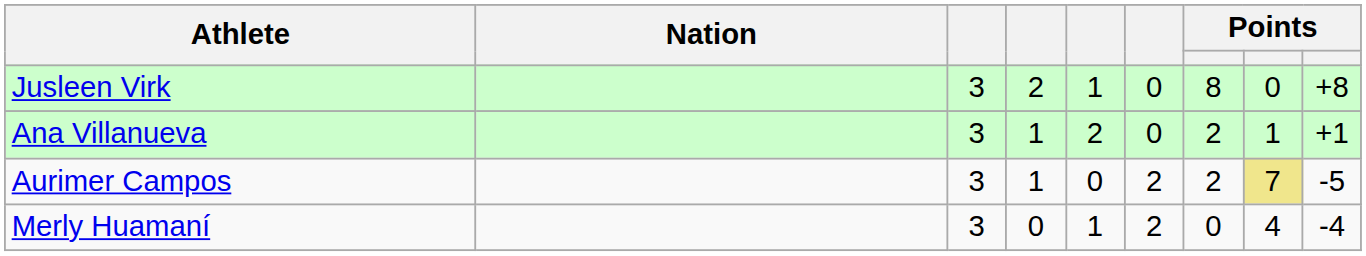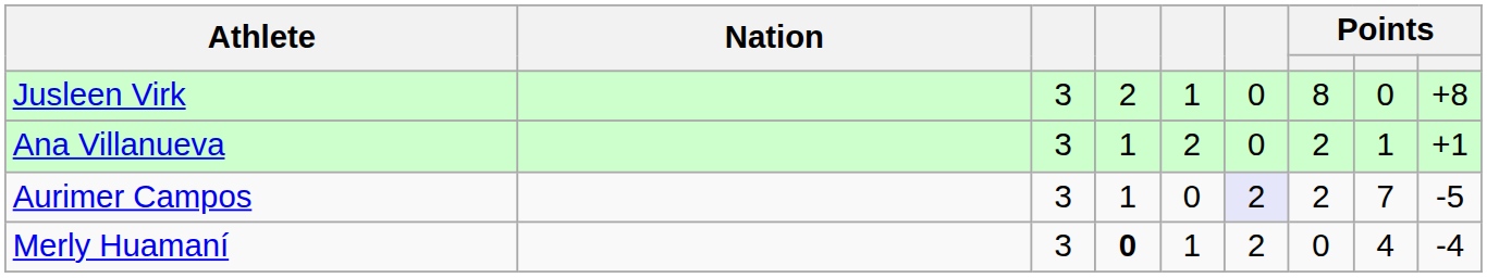 <table class="wikitable" style="text-align: center; font-size:100% ">
 <tr>
 <th rowspan=2 width=250>Athlete</th>
 <th rowspan=2 width=250>Nation</th>
 <th rowspan=2 width=25></th>
 <th rowspan=2 width=25></th>
 <th rowspan=2 width=25></th>
 <th rowspan=2 width=25></th>
 <th colspan=3>Points</th>
 </tr>
 <tr>
 <th width=25></th>
 <th width=25></th>
 <th width=25></th>
 </tr>
 <tr bgcolor="ccffcc">
 <td align=left><a href='#'>Jusleen Virk</a></td>
 <td align=left></td>
 <td>3</td>
 <td>2</td>
 <td>1</td>
 <td>0</td>
 <td>8</td>
 <td>0</td>
 <td>+8</td>
 </tr>
 <tr bgcolor="ccffcc">
 <td align=left><a href='#'>Ana Villanueva</a></td>
 <td align=left></td>
 <td>3</td>
 <td>1</td>
 <td>2</td>
 <td>0</td>
 <td>2</td>
 <td>1</td>
 <td>+1</td>
 </tr>
 <tr>
 <td align=left><a href='#'>Aurimer Campos</a></td>
 <td align=left></td>
 <td>3</td>
 <td>1</td>
 <td>0</td>
+<td style="background: lavender;">2</td>
 <td>2</td>
-<td>2</td>
-<td style="background: khaki;">7</td>
+<td>7</td>
 <td>-5</td>
 </tr>
 <tr>
 <td align=left><a href='#'>Merly Huamaní</a></td>
 <td align=left></td>
 <td>3</td>
-<td>0</td>
+<td><strong>0</strong></td>
 <td>1</td>
 <td>2</td>
 <td>0</td>
 <td>4</td>
 <td>-4</td>
 </tr>
 </table>
